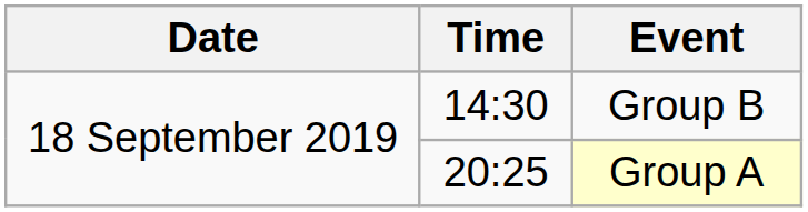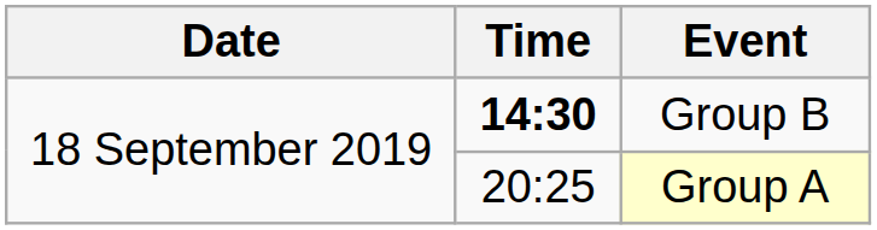 <table class = "wikitable" style="text-align:center;">
 <tr>
 <th width=150>Date</th>
 <th width=50>Time</th>
 <th width=80>Event</th>
 </tr>
 <tr>
 <td rowspan=2>18 September 2019</td>
-<td>14:30</td>
+<td><strong>14:30</strong></td>
 <td>Group B</td>
 </tr>
 <tr>
 <td>20:25</td>
 <td bgcolor=ffffcc>Group A</td>
 </tr>
 </table>
